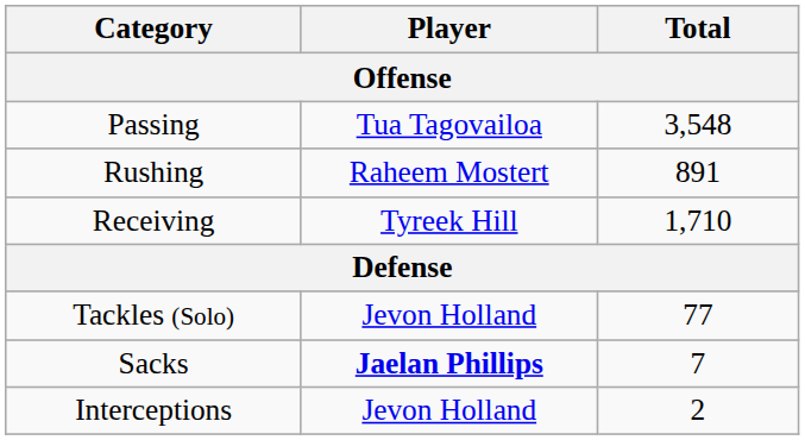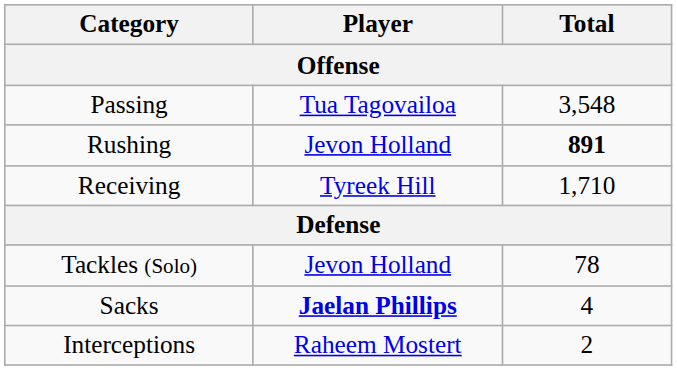 <table class="wikitable" style="text-align:center">
 <tr>
 <th width="150">Category</th>
 <th width="150">Player</th>
 <th width="100">Total</th>
 </tr>
 <tr>
 <th align="center" colspan="4">Offense</th>
 </tr>
 <tr>
 <td>Passing</td>
 <td><a href='#'>Tua Tagovailoa</a></td>
 <td>3,548</td>
 </tr>
 <tr>
 <td>Rushing</td>
-<td><a href='#'>Raheem Mostert</a></td>
-<td>891</td>
+<td><a href='#'>Jevon Holland</a></td>
+<td><strong>891</strong></td>
 </tr>
 <tr>
 <td>Receiving</td>
 <td><a href='#'>Tyreek Hill</a></td>
 <td>1,710</td>
 </tr>
 <tr>
 <th align="center" colspan="4">Defense</th>
 </tr>
 <tr>
 <td>Tackles <small>(Solo)</small></td>
 <td><a href='#'>Jevon Holland</a></td>
-<td>77</td>
+<td>78</td>
 </tr>
 <tr>
 <td>Sacks</td>
 <td><strong><a href='#'>Jaelan Phillips</a></strong></td>
-<td>7</td>
+<td>4</td>
 </tr>
 <tr>
 <td>Interceptions</td>
-<td><a href='#'>Jevon Holland</a></td>
+<td><a href='#'>Raheem Mostert</a></td>
 <td>2</td>
 </tr>
 </table>
